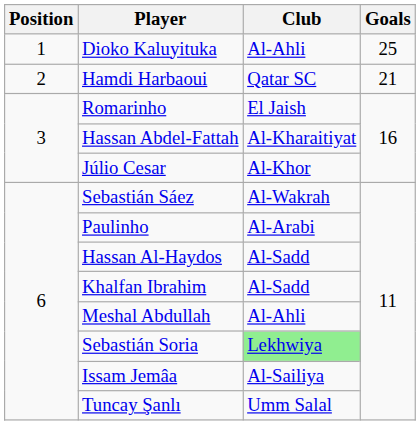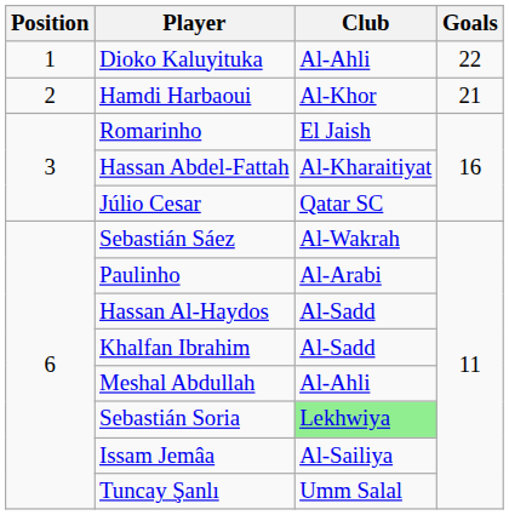 <table class="wikitable" style="text-align:center">
 <tr>
 <th>Position</th>
 <th>Player</th>
 <th>Club</th>
 <th>Goals</th>
 </tr>
 <tr>
 <td>1</td>
 <td align="left"> <a href='#'>Dioko Kaluyituka</a></td>
 <td align="left"><a href='#'>Al-Ahli</a></td>
-<td>25</td>
+<td>22</td>
 </tr>
 <tr>
 <td>2</td>
 <td align="left"> <a href='#'>Hamdi Harbaoui</a></td>
-<td align="left"><a href='#'>Qatar SC</a></td>
+<td align="left"><a href='#'>Al-Khor</a></td>
 <td>21</td>
 </tr>
 <tr>
 <td rowspan="3">3</td>
 <td align="left"> <a href='#'>Romarinho</a></td>
 <td align="left"><a href='#'>El Jaish</a></td>
 <td rowspan="3">16</td>
 </tr>
 <tr>
 <td align="left"> <a href='#'>Hassan Abdel-Fattah</a></td>
 <td align="left"><a href='#'>Al-Kharaitiyat</a></td>
 </tr>
 <tr>
 <td align="left"> <a href='#'>Júlio Cesar</a></td>
-<td align="left"><a href='#'>Al-Khor</a></td>
+<td align="left"><a href='#'>Qatar SC</a></td>
 </tr>
 <tr>
 <td rowspan="8">6</td>
 <td align="left"> <a href='#'>Sebastián Sáez</a></td>
 <td align="left"><a href='#'>Al-Wakrah</a></td>
 <td rowspan="8">11</td>
 </tr>
 <tr>
 <td align="left"> <a href='#'>Paulinho</a></td>
 <td align="left"><a href='#'>Al-Arabi</a></td>
 </tr>
 <tr>
 <td align="left"> <a href='#'>Hassan Al-Haydos</a></td>
 <td align="left"><a href='#'>Al-Sadd</a></td>
 </tr>
 <tr>
 <td align="left"> <a href='#'>Khalfan Ibrahim</a></td>
 <td align="left"><a href='#'>Al-Sadd</a></td>
 </tr>
 <tr>
 <td align="left"> <a href='#'>Meshal Abdullah</a></td>
 <td align="left"><a href='#'>Al-Ahli</a></td>
 </tr>
 <tr>
 <td align="left"> <a href='#'>Sebastián Soria</a></td>
 <td align="left" style="background: lightgreen;"><a href='#'>Lekhwiya</a></td>
 </tr>
 <tr>
 <td align="left"> <a href='#'>Issam Jemâa</a></td>
 <td align="left"><a href='#'>Al-Sailiya</a></td>
 </tr>
 <tr>
 <td align="left"> <a href='#'>Tuncay Şanlı</a></td>
 <td align="left"><a href='#'>Umm Salal</a></td>
 </tr>
 </table>
